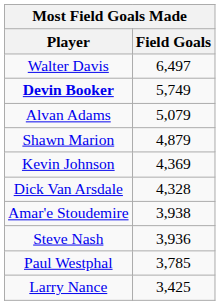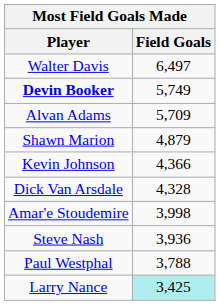 <table class="wikitable sortable" style="text-align:center">
 <tr>
 <th colspan="5">Most Field Goals Made</th>
 </tr>
 <tr>
 <th>Player</th>
 <th>Field Goals</th>
 </tr>
 <tr>
 <td><a href='#'>Walter Davis</a></td>
 <td>6,497</td>
 </tr>
 <tr>
 <td><strong><a href='#'>Devin Booker</a></strong></td>
 <td>5,749</td>
 </tr>
 <tr>
 <td><a href='#'>Alvan Adams</a></td>
-<td>5,079</td>
+<td>5,709</td>
 </tr>
 <tr>
 <td><a href='#'>Shawn Marion</a></td>
 <td>4,879</td>
 </tr>
 <tr>
 <td><a href='#'>Kevin Johnson</a></td>
-<td>4,369</td>
+<td>4,366</td>
 </tr>
 <tr>
 <td><a href='#'>Dick Van Arsdale</a></td>
 <td>4,328</td>
 </tr>
 <tr>
 <td><a href='#'>Amar'e Stoudemire</a></td>
-<td>3,938</td>
+<td>3,998</td>
 </tr>
 <tr>
 <td><a href='#'>Steve Nash</a></td>
 <td>3,936</td>
 </tr>
 <tr>
 <td><a href='#'>Paul Westphal</a></td>
-<td>3,785</td>
+<td>3,788</td>
 </tr>
 <tr>
 <td><a href='#'>Larry Nance</a></td>
-<td>3,425</td>
+<td style="background: paleturquoise;">3,425</td>
 </tr>
 </table>
